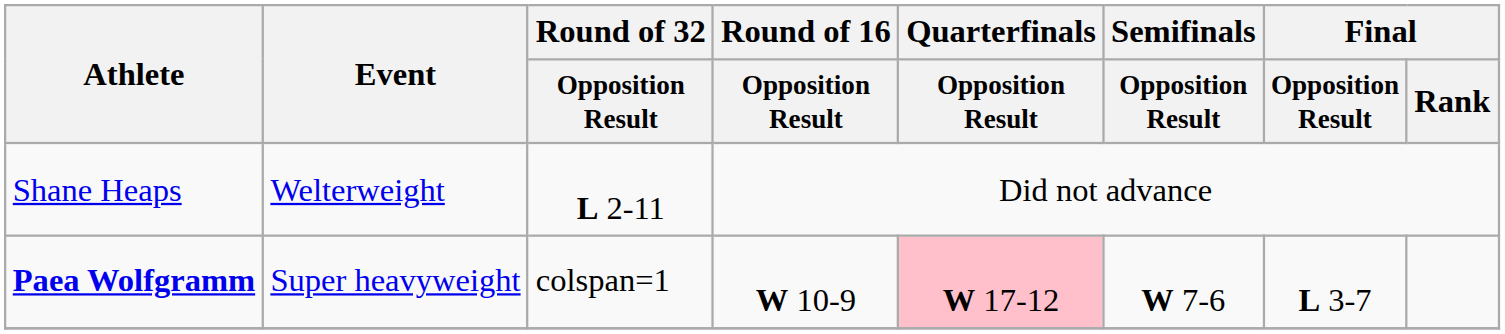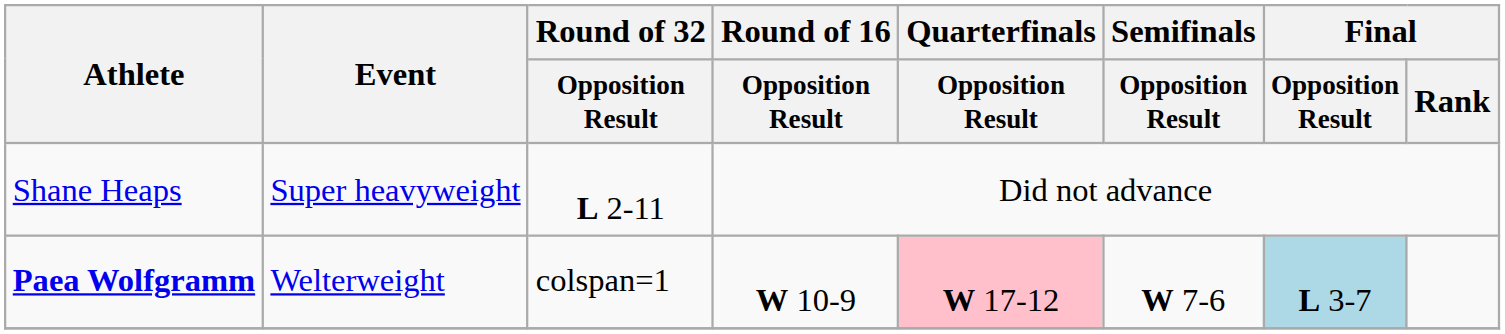 <table class=wikitable style="font-size:90%">
 <tr>
 <th rowspan="2">Athlete</th>
 <th rowspan="2">Event</th>
 <th>Round of 32</th>
 <th>Round of 16</th>
 <th>Quarterfinals</th>
 <th>Semifinals</th>
 <th colspan="2">Final</th>
 </tr>
 <tr>
 <th style="line-height:1em"><small>Opposition<br>Result</small></th>
 <th style="line-height:1em"><small>Opposition<br>Result</small></th>
 <th style="line-height:1em"><small>Opposition<br>Result</small></th>
 <th style="line-height:1em"><small>Opposition<br>Result</small></th>
 <th style="line-height:1em"><small>Opposition<br>Result</small></th>
 <th>Rank</th>
 </tr>
 <tr>
 <td><a href='#'>Shane Heaps</a></td>
-<td><a href='#'>Welterweight</a></td>
+<td><a href='#'>Super heavyweight</a></td>
 <td align="center"><br><strong>L</strong> 2-11</td>
 <td align="center" colspan="5">Did not advance</td>
 </tr>
 <tr>
 <td><strong><a href='#'>Paea Wolfgramm</a></strong></td>
-<td><a href='#'>Super heavyweight</a></td>
+<td><a href='#'>Welterweight</a></td>
 <td>colspan=1 </td>
 <td align="center"><br><strong>W</strong> 10-9</td>
 <td align="center" style="background: pink;"><br><strong>W</strong> 17-12</td>
 <td align="center"><br><strong>W</strong> 7-6</td>
-<td align="center"><br><strong>L</strong> 3-7</td>
+<td align="center" style="background: lightblue;"><br><strong>L</strong> 3-7</td>
 <td align=center></td>
 </tr>
 <tr>
 </tr>
 </table>
